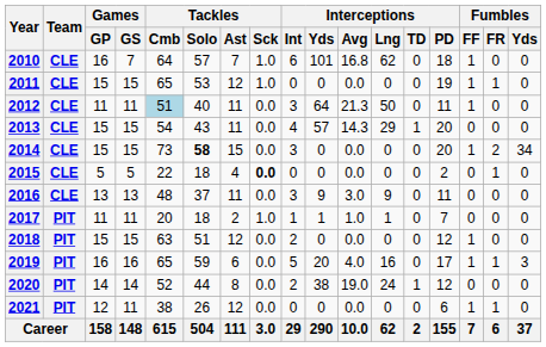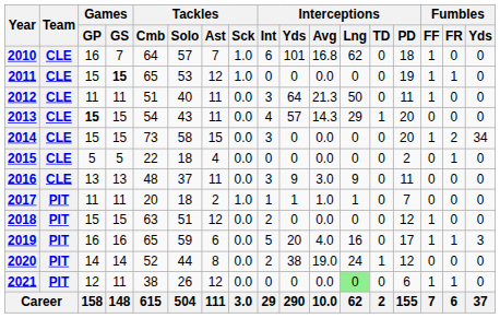 <table class="wikitable" style="text-align:center;">
 <tr>
 <th rowspan="2">Year</th>
 <th rowspan="2">Team</th>
 <th colspan="2">Games</th>
 <th colspan="4">Tackles</th>
 <th colspan="6">Interceptions</th>
 <th colspan="4">Fumbles</th>
 </tr>
 <tr>
 <th>GP</th>
 <th>GS</th>
 <th>Cmb</th>
 <th>Solo</th>
 <th>Ast</th>
 <th>Sck</th>
 <th>Int</th>
 <th>Yds</th>
 <th>Avg</th>
 <th>Lng</th>
 <th>TD</th>
 <th>PD</th>
 <th>FF</th>
 <th>FR</th>
 <th>Yds</th>
 </tr>
 <tr>
 <th><a href='#'>2010</a></th>
 <th><a href='#'>CLE</a></th>
 <td>16</td>
 <td>7</td>
 <td>64</td>
 <td>57</td>
 <td>7</td>
 <td>1.0</td>
 <td>6</td>
 <td>101</td>
 <td>16.8</td>
 <td>62</td>
 <td>0</td>
 <td>18</td>
 <td>1</td>
 <td>0</td>
 <td>0</td>
 </tr>
 <tr>
 <th><a href='#'>2011</a></th>
 <th><a href='#'>CLE</a></th>
 <td>15</td>
-<td>15</td>
+<td><strong>15</strong></td>
 <td>65</td>
 <td>53</td>
 <td>12</td>
 <td>1.0</td>
 <td>0</td>
 <td>0</td>
 <td>0.0</td>
 <td>0</td>
 <td>0</td>
 <td>19</td>
 <td>1</td>
 <td>1</td>
 <td>0</td>
 </tr>
 <tr>
 <th><a href='#'>2012</a></th>
 <th><a href='#'>CLE</a></th>
 <td>11</td>
 <td>11</td>
-<td style="background: lightblue;">51</td>
+<td>51</td>
 <td>40</td>
 <td>11</td>
 <td>0.0</td>
 <td>3</td>
 <td>64</td>
 <td>21.3</td>
 <td>50</td>
 <td>0</td>
 <td>11</td>
 <td>1</td>
 <td>0</td>
 <td>0</td>
 </tr>
 <tr>
 <th><a href='#'>2013</a></th>
 <th><a href='#'>CLE</a></th>
-<td>15</td>
+<td><strong>15</strong></td>
 <td>15</td>
 <td>54</td>
 <td>43</td>
 <td>11</td>
 <td>0.0</td>
 <td>4</td>
 <td>57</td>
 <td>14.3</td>
 <td>29</td>
 <td>1</td>
 <td>20</td>
 <td>0</td>
 <td>0</td>
 <td>0</td>
 </tr>
 <tr>
 <th><a href='#'>2014</a></th>
 <th><a href='#'>CLE</a></th>
 <td>15</td>
 <td>15</td>
 <td>73</td>
-<td><strong>58</strong></td>
+<td>58</td>
 <td>15</td>
 <td>0.0</td>
 <td>3</td>
 <td>0</td>
 <td>0.0</td>
 <td>0</td>
 <td>0</td>
 <td>20</td>
 <td>1</td>
 <td>2</td>
 <td>34</td>
 </tr>
 <tr>
 <th><a href='#'>2015</a></th>
 <th><a href='#'>CLE</a></th>
 <td>5</td>
 <td>5</td>
 <td>22</td>
 <td>18</td>
 <td>4</td>
-<td><strong>0.0</strong></td>
+<td>0.0</td>
 <td>0</td>
 <td>0</td>
 <td>0.0</td>
 <td>0</td>
 <td>0</td>
 <td>2</td>
 <td>0</td>
 <td>1</td>
 <td>0</td>
 </tr>
 <tr>
 <th><a href='#'>2016</a></th>
 <th><a href='#'>CLE</a></th>
 <td>13</td>
 <td>13</td>
 <td>48</td>
 <td>37</td>
 <td>11</td>
 <td>0.0</td>
 <td>3</td>
 <td>9</td>
 <td>3.0</td>
 <td>9</td>
 <td>0</td>
 <td>11</td>
 <td>0</td>
 <td>0</td>
 <td>0</td>
 </tr>
 <tr>
 <th><a href='#'>2017</a></th>
 <th><a href='#'>PIT</a></th>
 <td>11</td>
 <td>11</td>
 <td>20</td>
 <td>18</td>
 <td>2</td>
 <td>1.0</td>
 <td>1</td>
 <td>1</td>
 <td>1.0</td>
 <td>1</td>
 <td>0</td>
 <td>7</td>
 <td>0</td>
 <td>0</td>
 <td>0</td>
 </tr>
 <tr>
 <th><a href='#'>2018</a></th>
 <th><a href='#'>PIT</a></th>
 <td>15</td>
 <td>15</td>
 <td>63</td>
 <td>51</td>
 <td>12</td>
 <td>0.0</td>
 <td>2</td>
 <td>0</td>
 <td>0.0</td>
 <td>0</td>
 <td>0</td>
 <td>12</td>
 <td>1</td>
 <td>0</td>
 <td>0</td>
 </tr>
 <tr>
 <th><a href='#'>2019</a></th>
 <th><a href='#'>PIT</a></th>
 <td>16</td>
 <td>16</td>
 <td>65</td>
 <td>59</td>
 <td>6</td>
 <td>0.0</td>
 <td>5</td>
 <td>20</td>
 <td>4.0</td>
 <td>16</td>
 <td>0</td>
 <td>17</td>
 <td>1</td>
 <td>1</td>
 <td>3</td>
 </tr>
 <tr>
 <th><a href='#'>2020</a></th>
 <th><a href='#'>PIT</a></th>
 <td>14</td>
 <td>14</td>
 <td>52</td>
 <td>44</td>
 <td>8</td>
 <td>0.0</td>
 <td>2</td>
 <td>38</td>
 <td>19.0</td>
 <td>24</td>
 <td>1</td>
 <td>12</td>
 <td>0</td>
 <td>0</td>
 <td>0</td>
 </tr>
 <tr>
 <th><a href='#'>2021</a></th>
 <th><a href='#'>PIT</a></th>
 <td>12</td>
 <td>11</td>
 <td>38</td>
 <td>26</td>
 <td>12</td>
 <td>0.0</td>
 <td>0</td>
 <td>0</td>
 <td>0.0</td>
-<td>0</td>
+<td style="background: lightgreen;">0</td>
 <td>0</td>
 <td>6</td>
 <td>1</td>
 <td>1</td>
 <td>0</td>
 </tr>
 <tr>
 <th colspan="2">Career</th>
 <th>158</th>
 <th>148</th>
 <th>615</th>
 <th>504</th>
 <th>111</th>
 <th>3.0</th>
 <th>29</th>
 <th>290</th>
 <th>10.0</th>
 <th>62</th>
 <th>2</th>
 <th>155</th>
 <th>7</th>
 <th>6</th>
 <th>37</th>
 </tr>
 </table>
